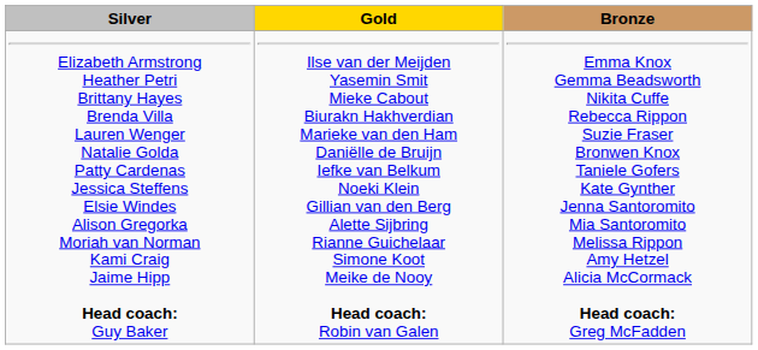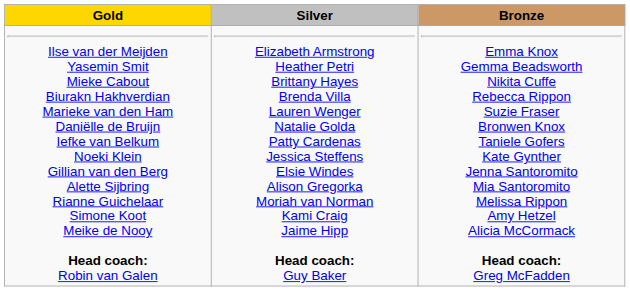 <table class="wikitable" style="font-size:95%; text-align:center;">
 <tr>
+<td style="width: 15em" bgcolor="gold"><strong>Gold</strong></td>
 <td style="width: 15em" bgcolor="silver"><strong>Silver</strong></td>
-<td style="width: 15em" bgcolor="gold"><strong>Gold</strong></td>
 <td style="width: 15em" bgcolor="CC9966"><strong>Bronze</strong></td>
 </tr>
 <tr valign="top">
+<td><hr><a href='#'>Ilse van der Meijden</a><br><a href='#'>Yasemin Smit</a><br><a href='#'>Mieke Cabout</a><br><a href='#'>Biurakn Hakhverdian</a><br><a href='#'>Marieke van den Ham</a><br><a href='#'>Daniëlle de Bruijn</a><br><a href='#'>Iefke van Belkum</a><br><a href='#'>Noeki Klein</a><br><a href='#'>Gillian van den Berg</a><br><a href='#'>Alette Sijbring</a><br><a href='#'>Rianne Guichelaar</a><br><a href='#'>Simone Koot</a><br><a href='#'>Meike de Nooy</a><br><br><strong>Head coach:</strong><br><a href='#'>Robin van Galen</a></td>
 <td><hr><a href='#'>Elizabeth Armstrong</a><br><a href='#'>Heather Petri</a><br><a href='#'>Brittany Hayes</a><br><a href='#'>Brenda Villa</a><br><a href='#'>Lauren Wenger</a><br><a href='#'>Natalie Golda</a><br><a href='#'>Patty Cardenas</a><br><a href='#'>Jessica Steffens</a><br><a href='#'>Elsie Windes</a><br><a href='#'>Alison Gregorka</a><br><a href='#'>Moriah van Norman</a><br><a href='#'>Kami Craig</a><br><a href='#'>Jaime Hipp</a><br><br><strong>Head coach:</strong><br><a href='#'>Guy Baker</a></td>
-<td><hr><a href='#'>Ilse van der Meijden</a><br><a href='#'>Yasemin Smit</a><br><a href='#'>Mieke Cabout</a><br><a href='#'>Biurakn Hakhverdian</a><br><a href='#'>Marieke van den Ham</a><br><a href='#'>Daniëlle de Bruijn</a><br><a href='#'>Iefke van Belkum</a><br><a href='#'>Noeki Klein</a><br><a href='#'>Gillian van den Berg</a><br><a href='#'>Alette Sijbring</a><br><a href='#'>Rianne Guichelaar</a><br><a href='#'>Simone Koot</a><br><a href='#'>Meike de Nooy</a><br><br><strong>Head coach:</strong><br><a href='#'>Robin van Galen</a></td>
 <td><hr><a href='#'>Emma Knox</a><br><a href='#'>Gemma Beadsworth</a><br><a href='#'>Nikita Cuffe</a><br><a href='#'>Rebecca Rippon</a><br><a href='#'>Suzie Fraser</a><br><a href='#'>Bronwen Knox</a><br><a href='#'>Taniele Gofers</a><br><a href='#'>Kate Gynther</a><br><a href='#'>Jenna Santoromito</a><br><a href='#'>Mia Santoromito</a><br><a href='#'>Melissa Rippon</a><br><a href='#'>Amy Hetzel</a><br><a href='#'>Alicia McCormack</a><br><br><strong>Head coach:</strong><br><a href='#'>Greg McFadden</a></td>
 </tr>
 </table>
